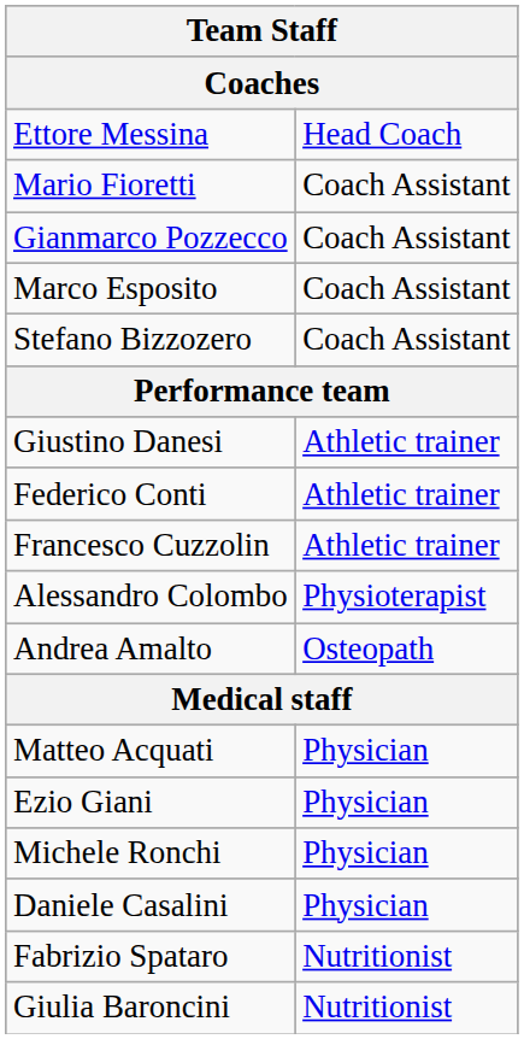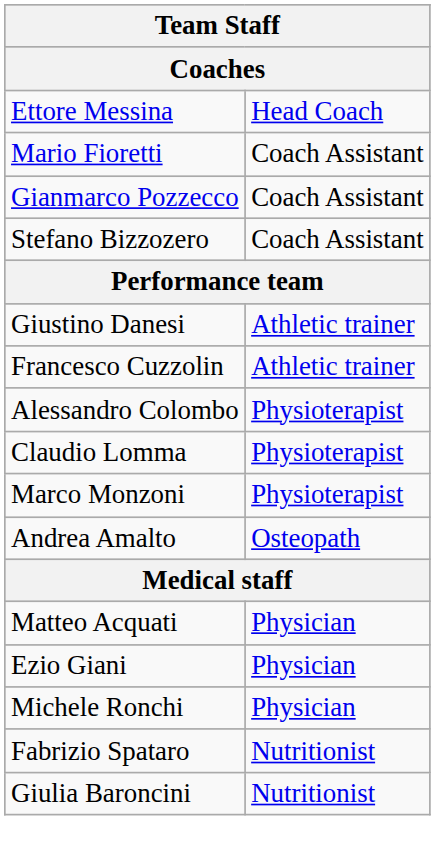 <table class="wikitable sortable">
 <tr>
 <th colspan=2>Team Staff</th>
 </tr>
 <tr>
 <th colspan=2>Coaches</th>
 </tr>
 <tr>
 <td><a href='#'>Ettore Messina</a></td>
 <td><a href='#'>Head Coach</a></td>
 </tr>
 <tr>
 <td><a href='#'>Mario Fioretti</a></td>
 <td>Coach Assistant</td>
 </tr>
 <tr>
 <td><a href='#'>Gianmarco Pozzecco</a></td>
 <td>Coach Assistant</td>
 </tr>
 <tr>
-<td>Marco Esposito</td>
-<td>Coach Assistant</td>
-</tr>
-<tr>
 <td>Stefano Bizzozero</td>
 <td>Coach Assistant</td>
 </tr>
 <tr>
 <th colspan=2>Performance team</th>
 </tr>
 <tr>
 <td>Giustino Danesi</td>
 <td><a href='#'>Athletic trainer</a></td>
 </tr>
 <tr>
-<td>Federico Conti</td>
-<td><a href='#'>Athletic trainer</a></td>
-</tr>
-<tr>
 <td>Francesco Cuzzolin</td>
 <td><a href='#'>Athletic trainer</a></td>
 </tr>
 <tr>
 <td>Alessandro Colombo</td>
+<td><a href='#'>Physioterapist</a></td>
+</tr>
+<tr>
+<td>Claudio Lomma</td>
+<td><a href='#'>Physioterapist</a></td>
+</tr>
+<tr>
+<td>Marco Monzoni</td>
 <td><a href='#'>Physioterapist</a></td>
 </tr>
 <tr>
 <td>Andrea Amalto</td>
 <td><a href='#'>Osteopath</a></td>
 </tr>
 <tr>
 <th colspan=2>Medical staff</th>
 </tr>
 <tr>
 <td>Matteo Acquati</td>
 <td><a href='#'>Physician</a></td>
 </tr>
 <tr>
 <td>Ezio Giani</td>
 <td><a href='#'>Physician</a></td>
 </tr>
 <tr>
 <td>Michele Ronchi</td>
 <td><a href='#'>Physician</a></td>
 </tr>
 <tr>
-<td>Daniele Casalini</td>
-<td><a href='#'>Physician</a></td>
-</tr>
-<tr>
 <td>Fabrizio Spataro</td>
 <td><a href='#'>Nutritionist</a></td>
 </tr>
 <tr>
 <td>Giulia Baroncini</td>
 <td><a href='#'>Nutritionist</a></td>
 </tr>
 </table>
